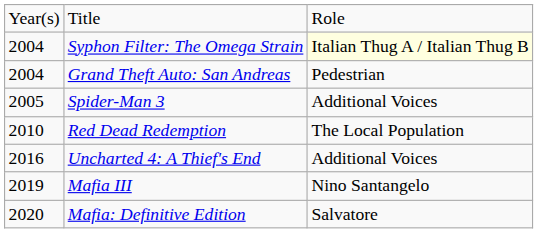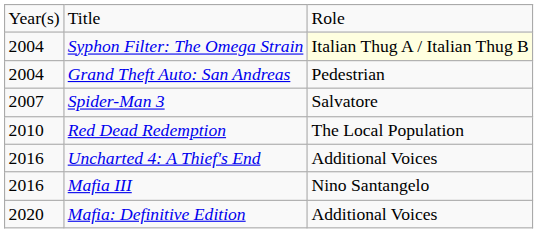 <table class="wikitable">
 <tr>
 <td>Year(s)</td>
 <td>Title</td>
 <td>Role</td>
 </tr>
 <tr>
 <td>2004</td>
 <td><em><a href='#'>Syphon Filter: The Omega Strain</a></em></td>
 <td style="background: lightyellow;">Italian Thug A / Italian Thug B</td>
 </tr>
 <tr>
 <td>2004</td>
 <td><em><a href='#'>Grand Theft Auto: San Andreas</a></em></td>
 <td>Pedestrian</td>
 </tr>
 <tr>
-<td>2005</td>
+<td>2007</td>
 <td><em><a href='#'>Spider-Man 3</a></em></td>
-<td>Additional Voices</td>
+<td>Salvatore</td>
 </tr>
 <tr>
 <td>2010</td>
 <td><em><a href='#'>Red Dead Redemption</a></em></td>
 <td>The Local Population</td>
 </tr>
 <tr>
 <td>2016</td>
 <td><em><a href='#'>Uncharted 4: A Thief's End</a></em></td>
 <td>Additional Voices</td>
 </tr>
 <tr>
-<td>2019</td>
+<td>2016</td>
 <td><em><a href='#'>Mafia III</a></em></td>
 <td>Nino Santangelo</td>
 </tr>
 <tr>
 <td>2020</td>
 <td><em><a href='#'>Mafia: Definitive Edition</a></em></td>
-<td>Salvatore</td>
+<td>Additional Voices</td>
 </tr>
 </table>
